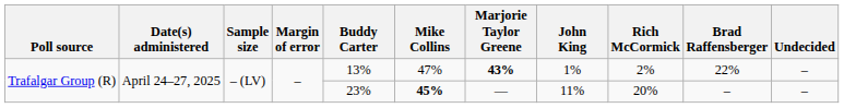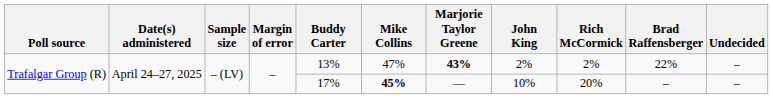 <table class="wikitable" style="font-size:90%;text-align:center;">
 <tr valign=bottom>
 <th>Poll source</th>
 <th>Date(s)<br>administered</th>
 <th>Sample<br>size</th>
 <th>Margin<br>of error</th>
 <th style="width:70px;">Buddy<br>Carter</th>
 <th style="width:70px;">Mike<br>Collins</th>
 <th style="width:70px;">Marjorie Taylor<br>Greene</th>
 <th style="width:70px;">John<br>King</th>
 <th style="width:70px;">Rich<br>McCormick</th>
 <th style="width:70px;">Brad<br>Raffensberger</th>
 <th>Undecided</th>
 </tr>
 <tr>
 <td style="text-align:left;" rowspan=2><a href='#'>Trafalgar Group</a> (R)</td>
 <td rowspan=2>April 24–27, 2025</td>
 <td rowspan=2>– (LV)</td>
 <td rowspan=2>–</td>
 <td>13%</td>
 <td>47%</td>
 <td><strong>43%</strong></td>
-<td>1%</td>
+<td>2%</td>
 <td>2%</td>
 <td>22%</td>
 <td>–</td>
 </tr>
 <tr>
-<td>23%</td>
+<td>17%</td>
 <td><strong>45%</strong></td>
 <td>—</td>
-<td>11%</td>
+<td>10%</td>
 <td>20%</td>
 <td>–</td>
 <td>–</td>
 </tr>
 </table>
